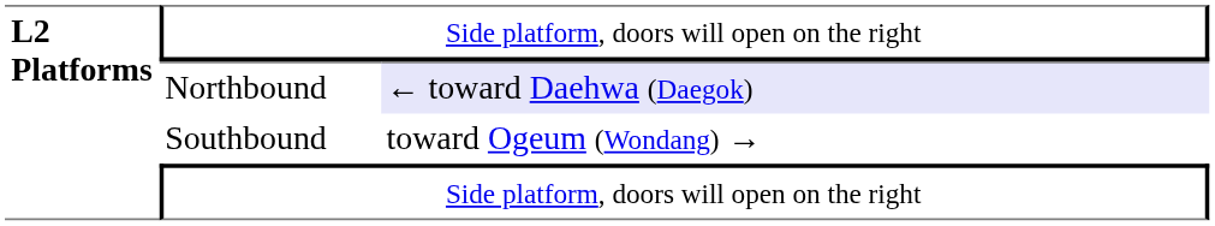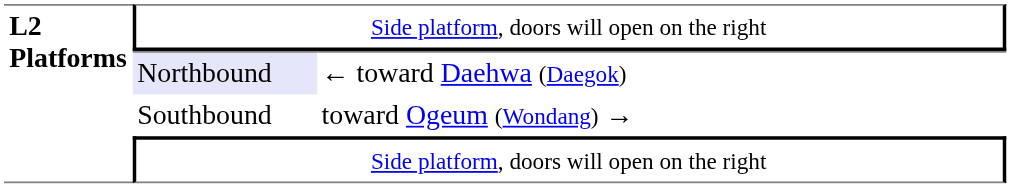 <table table border=0 cellspacing=0 cellpadding=3>
 <tr>
 <td style="border-top:solid 1px gray;border-bottom:solid 1px gray;" width=50 rowspan=10 valign=top><strong>L2<br>Platforms</strong></td>
 <td style="border-top:solid 1px gray;border-right:solid 2px black;border-left:solid 2px black;border-bottom:solid 2px black;text-align:center;" colspan=2><small><a href='#'>Side platform</a>, doors will open on the right </small></td>
 </tr>
 <tr>
-<td style="border-bottom:solid 0px gray;border-top:solid 1px gray;" width=100>Northbound</td>
-<td style="background: lavender; border-bottom:solid 0px gray;border-top:solid 1px gray;" width=390>←  toward <a href='#'>Daehwa</a> <small>(<a href='#'>Daegok</a>)</small></td>
+<td style="background: lavender; border-bottom:solid 0px gray;border-top:solid 1px gray;" width=100>Northbound</td>
+<td style="border-bottom:solid 0px gray;border-top:solid 1px gray;" width=390>←  toward <a href='#'>Daehwa</a> <small>(<a href='#'>Daegok</a>)</small></td>
 </tr>
 <tr>
 <td>Southbound</td>
 <td>  toward <a href='#'>Ogeum</a> <small>(<a href='#'>Wondang</a>)</small> →</td>
 </tr>
 <tr>
 <td style="border-top:solid 2px black;border-right:solid 2px black;border-left:solid 2px black;border-bottom:solid 1px gray;text-align:center;" colspan=2><small><a href='#'>Side platform</a>, doors will open on the right </small></td>
 </tr>
 </table>
